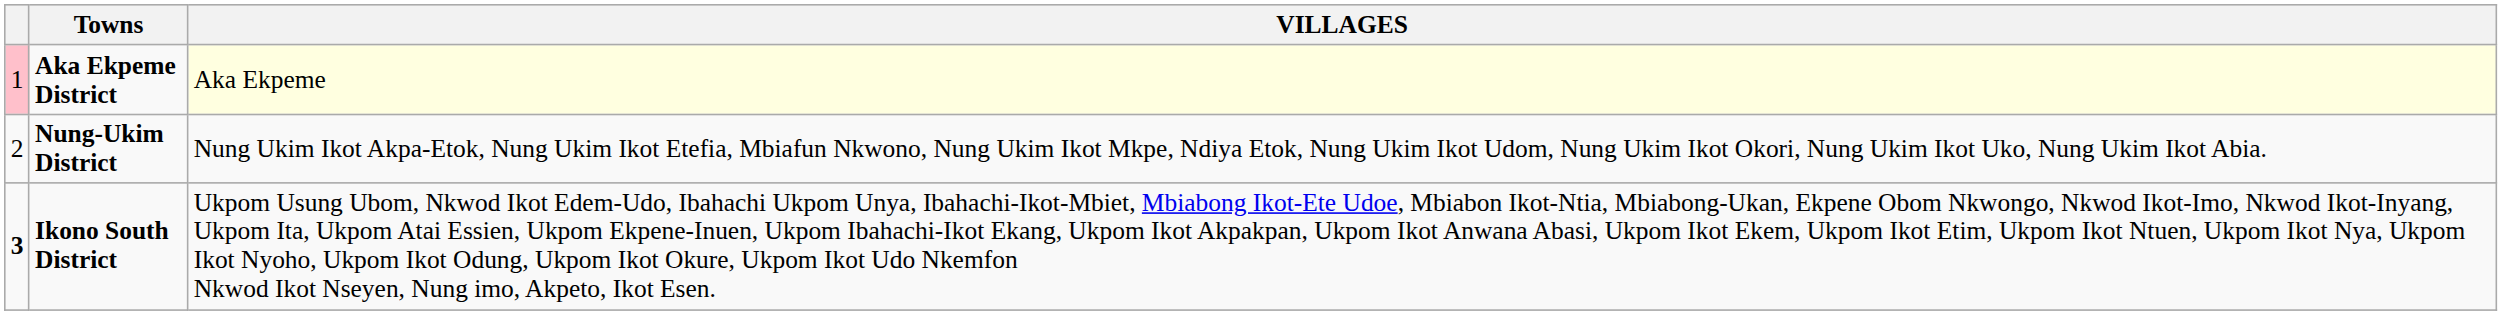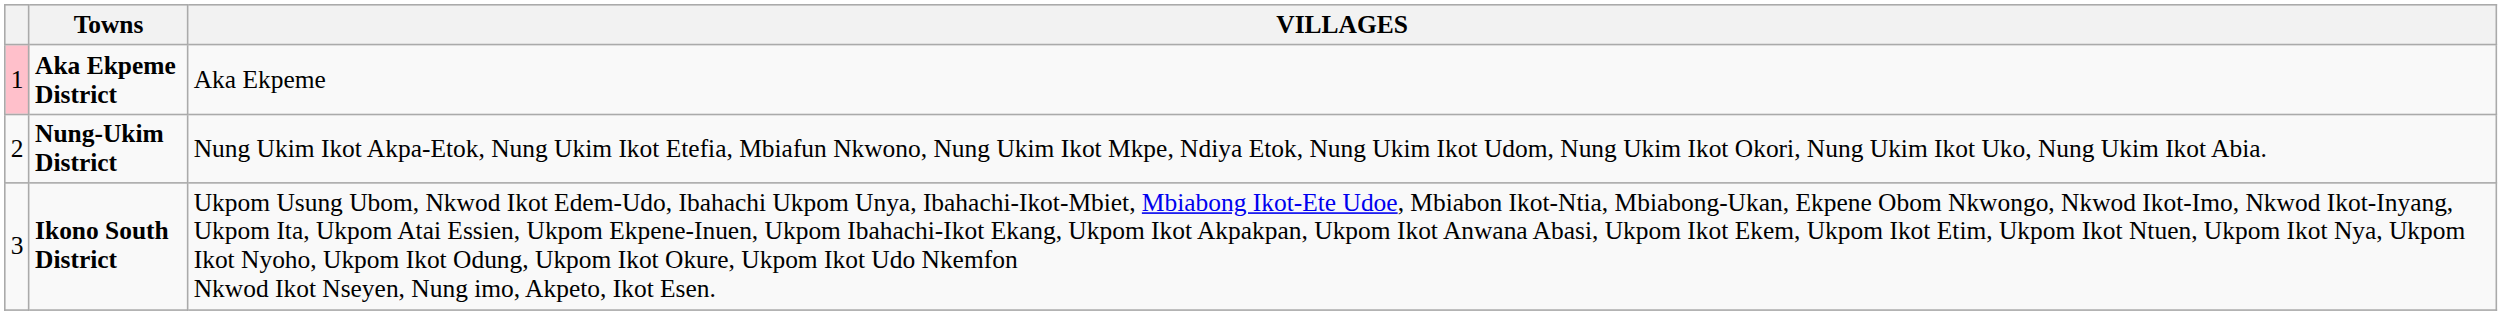 <table class="wikitable">
 <tr>
 <th></th>
 <th>Towns</th>
 <th>VILLAGES</th>
 </tr>
 <tr>
 <td style="background: pink;">1</td>
 <td><strong>Aka Ekpeme District</strong></td>
-<td style="background: lightyellow;">Aka Ekpeme</td>
+<td>Aka Ekpeme</td>
 </tr>
 <tr>
 <td>2</td>
 <td><strong>Nung-Ukim District</strong></td>
 <td>Nung Ukim Ikot Akpa-Etok, Nung Ukim Ikot Etefia, Mbiafun Nkwono, Nung Ukim Ikot Mkpe, Ndiya Etok, Nung Ukim Ikot Udom, Nung Ukim Ikot Okori, Nung Ukim Ikot Uko, Nung Ukim Ikot Abia.</td>
 </tr>
 <tr>
-<td><strong>3</strong></td>
+<td>3</td>
 <td><strong>Ikono South District</strong></td>
 <td>Ukpom Usung Ubom, Nkwod Ikot Edem-Udo, Ibahachi Ukpom Unya, Ibahachi-Ikot-Mbiet, <a href='#'>Mbiabong Ikot-Ete Udoe</a>, Mbiabon Ikot-Ntia, Mbiabong-Ukan,  Ekpene Obom Nkwongo, Nkwod Ikot-Imo, Nkwod Ikot-Inyang, Ukpom Ita, Ukpom Atai Essien, Ukpom Ekpene-Inuen, Ukpom Ibahachi-Ikot Ekang, Ukpom Ikot Akpakpan, Ukpom Ikot Anwana Abasi, Ukpom Ikot Ekem, Ukpom Ikot Etim, Ukpom Ikot Ntuen, Ukpom Ikot Nya, Ukpom Ikot Nyoho, Ukpom Ikot Odung, Ukpom Ikot Okure, Ukpom Ikot Udo Nkemfon<br>Nkwod Ikot Nseyen, Nung imo, Akpeto, Ikot Esen.</td>
 </tr>
 </table>
